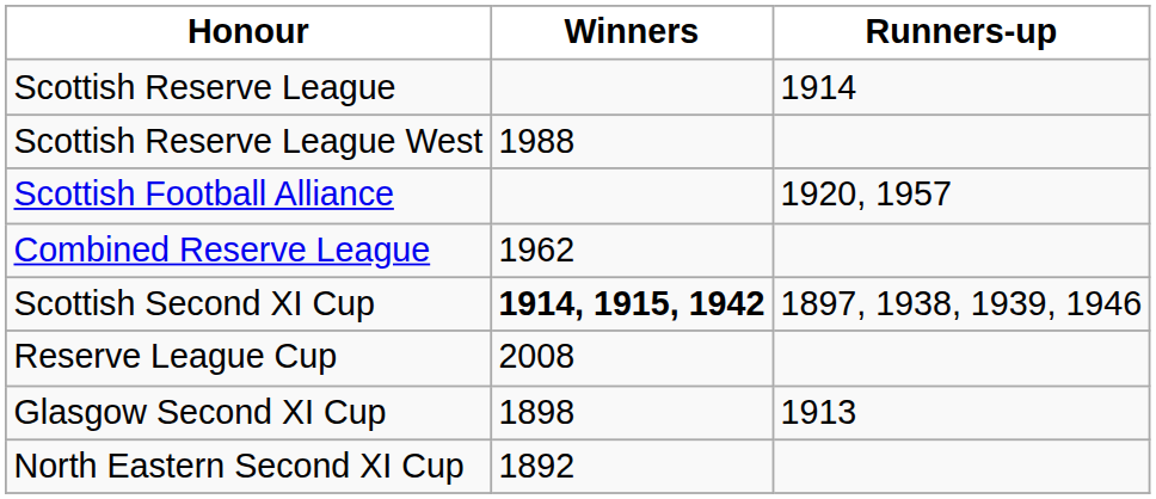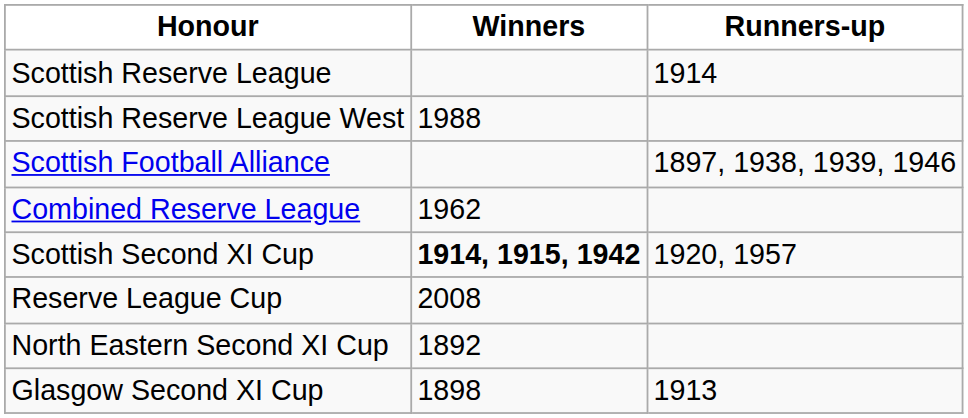 <table class="wikitable">
 <tr>
 <th style="background:#ffffff; colour:#000000;">Honour</th>
 <th style="background:#ffffff; colour:#000000;">Winners</th>
 <th style="background:#ffffff; colour:#000000;">Runners-up</th>
 </tr>
 <tr>
 <td>Scottish Reserve League</td>
 <td></td>
 <td>1914</td>
 </tr>
 <tr>
 <td>Scottish Reserve League West</td>
 <td>1988</td>
 <td></td>
 </tr>
 <tr>
 <td><a href='#'>Scottish Football Alliance</a></td>
 <td></td>
-<td>1920, 1957</td>
+<td>1897, 1938, 1939, 1946</td>
 </tr>
 <tr>
 <td><a href='#'>Combined Reserve League</a></td>
 <td>1962</td>
 <td></td>
 </tr>
 <tr>
 <td>Scottish Second XI Cup</td>
 <td><strong>1914, 1915, 1942</strong></td>
-<td>1897, 1938, 1939, 1946</td>
+<td>1920, 1957</td>
 </tr>
 <tr>
 <td>Reserve League Cup</td>
 <td>2008</td>
 <td></td>
 </tr>
 <tr>
+<td>North Eastern Second XI Cup</td>
+<td>1892</td>
+<td></td>
+</tr>
+<tr>
 <td>Glasgow Second XI Cup</td>
 <td>1898</td>
 <td>1913</td>
 </tr>
-<tr>
-<td>North Eastern Second XI Cup</td>
-<td>1892</td>
-<td></td>
-</tr>
 </table>
